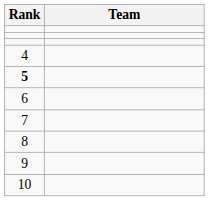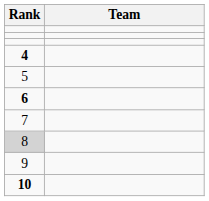 <table class="wikitable" style="text-align:center;">
 <tr>
 <th width=40>Rank</th>
 <th width=180>Team</th>
 </tr>
 <tr>
 <td></td>
 <td style="text-align:left;"></td>
 </tr>
 <tr>
 <td></td>
 <td style="text-align:left;"></td>
 </tr>
 <tr>
 <td></td>
 <td style="text-align:left;"></td>
 </tr>
 <tr>
-<td>4</td>
+<td><strong>4</strong></td>
 <td style="text-align:left;"></td>
 </tr>
 <tr>
-<td><strong>5</strong></td>
+<td>5</td>
 <td style="text-align:left;"></td>
 </tr>
 <tr>
-<td>6</td>
+<td><strong>6</strong></td>
 <td style="text-align:left;"></td>
 </tr>
 <tr>
 <td>7</td>
 <td style="text-align:left;"></td>
 </tr>
 <tr>
-<td>8</td>
+<td style="background: lightgrey;">8</td>
 <td style="text-align:left;"></td>
 </tr>
 <tr>
 <td>9</td>
 <td style="text-align:left;"></td>
 </tr>
 <tr>
-<td>10</td>
+<td><strong>10</strong></td>
 <td style="text-align:left;"></td>
 </tr>
 </table>
